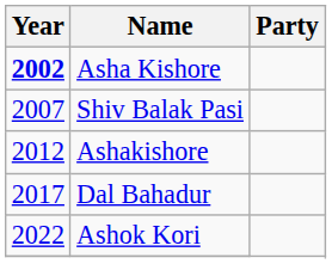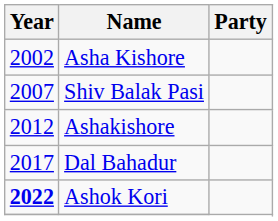 <table class="wikitable sortable">
 <tr>
 <th>Year</th>
 <th>Name</th>
 <th colspan=2>Party</th>
 </tr>
 <tr>
-<td><strong><a href='#'>2002</a></strong></td>
+<td><a href='#'>2002</a></td>
 <td><a href='#'>Asha Kishore</a></td>
 <td></td>
 </tr>
 <tr>
 <td><a href='#'>2007</a></td>
 <td><a href='#'>Shiv Balak Pasi</a></td>
 <td></td>
 </tr>
 <tr>
 <td><a href='#'>2012</a></td>
 <td><a href='#'>Ashakishore</a></td>
 <td></td>
 </tr>
 <tr>
 <td><a href='#'>2017</a></td>
 <td><a href='#'>Dal Bahadur</a></td>
 <td></td>
 </tr>
 <tr>
-<td><a href='#'>2022</a></td>
+<td><strong><a href='#'>2022</a></strong></td>
 <td><a href='#'>Ashok Kori</a></td>
 </tr>
 <tr>
 </tr>
 </table>
